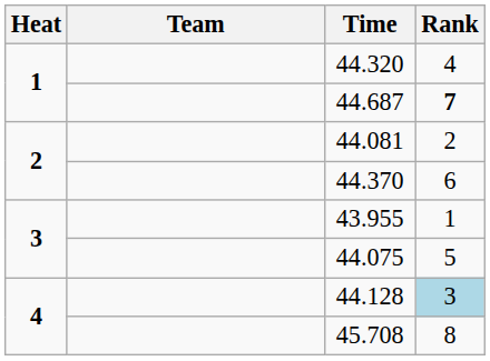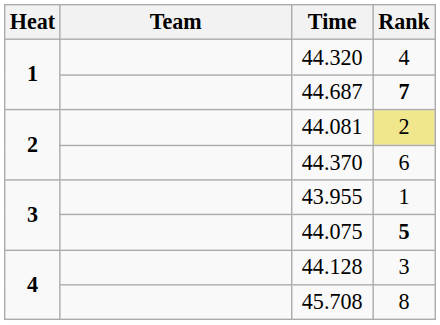 <table class="wikitable sortable">
 <tr>
 <th>Heat</th>
 <th style="width:10em">Team</th>
 <th>Time</th>
 <th>Rank</th>
 </tr>
 <tr>
 <td rowspan=2 align=center><strong>1</strong></td>
 <td></td>
 <td> 44.320 </td>
 <td align=center>4</td>
 </tr>
 <tr>
 <td></td>
 <td> 44.687</td>
 <td align=center><strong>7</strong></td>
 </tr>
 <tr>
 <td rowspan=2 align=center><strong>2</strong></td>
 <td></td>
 <td> 44.081</td>
-<td align=center>2</td>
+<td align=center style="background: khaki;">2</td>
 </tr>
 <tr>
 <td></td>
 <td> 44.370</td>
 <td align=center>6</td>
 </tr>
 <tr>
 <td rowspan=2 align=center><strong>3</strong></td>
 <td></td>
 <td> 43.955</td>
 <td align=center>1</td>
 </tr>
 <tr>
 <td></td>
 <td> 44.075</td>
-<td align=center>5</td>
+<td align=center><strong>5</strong></td>
 </tr>
 <tr>
 <td rowspan=2 align=center><strong>4</strong></td>
 <td></td>
 <td> 44.128</td>
-<td align=center style="background: lightblue;">3</td>
+<td align=center>3</td>
 </tr>
 <tr>
 <td></td>
 <td> 45.708</td>
 <td align=center>8</td>
 </tr>
 </table>
